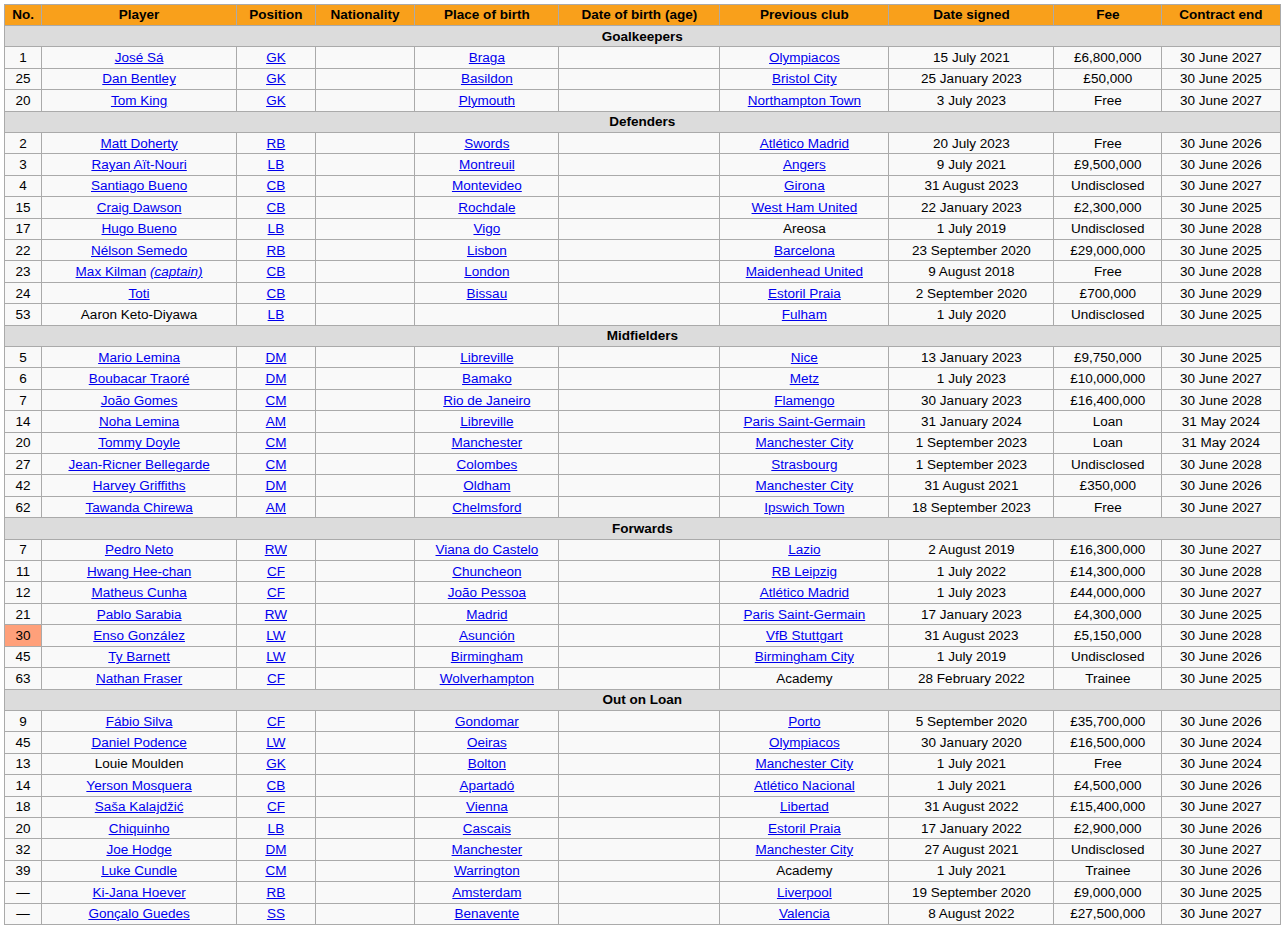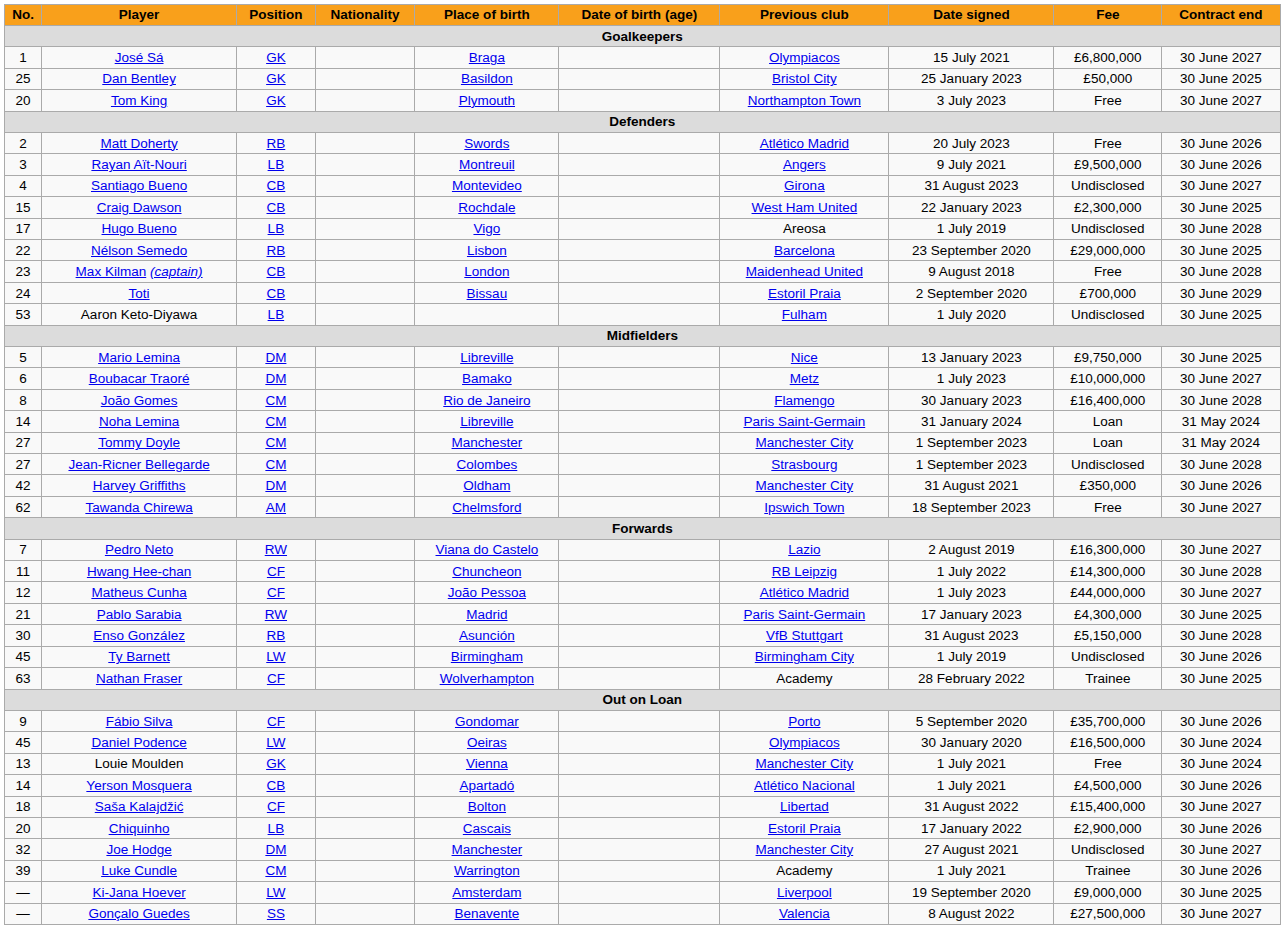 <table class="wikitable" style="text-align:center; font-size:84.5%; width:101%;">
 <tr>
 <th style="background:#F9A01B; color:#000000; ">No.</th>
 <th style="background:#F9A01B; color:#000000; ">Player</th>
 <th style="background:#F9A01B; color:#000000; ">Position</th>
 <th style="background:#F9A01B; color:#000000; ">Nationality</th>
 <th style="background:#F9A01B; color:#000000; ">Place of birth</th>
 <th style="background:#F9A01B; color:#000000; ">Date of birth (age)</th>
 <th style="background:#F9A01B; color:#000000; ">Previous club</th>
 <th style="background:#F9A01B; color:#000000; ">Date signed</th>
 <th style="background:#F9A01B; color:#000000; ">Fee</th>
 <th style="background:#F9A01B; color:#000000; ">Contract end</th>
 </tr>
 <tr>
 <th colspan="14" style="background:#dcdcdc; tepxt-align:center;">Goalkeepers</th>
 </tr>
 <tr>
 <td>1</td>
 <td><a href='#'>José Sá</a></td>
 <td><a href='#'>GK</a></td>
 <td></td>
 <td><a href='#'>Braga</a></td>
 <td></td>
 <td> <a href='#'>Olympiacos</a></td>
 <td>15 July 2021</td>
 <td>£6,800,000</td>
 <td>30 June 2027</td>
 </tr>
 <tr>
 <td>25</td>
 <td><a href='#'>Dan Bentley</a></td>
 <td><a href='#'>GK</a></td>
 <td></td>
 <td><a href='#'>Basildon</a></td>
 <td></td>
 <td><a href='#'>Bristol City</a></td>
 <td>25 January 2023</td>
 <td>£50,000</td>
 <td>30 June 2025</td>
 </tr>
 <tr>
 <td>20</td>
 <td><a href='#'>Tom King</a></td>
 <td><a href='#'>GK</a></td>
 <td></td>
 <td> <a href='#'>Plymouth</a></td>
 <td></td>
 <td><a href='#'>Northampton Town</a></td>
 <td>3 July 2023</td>
 <td>Free</td>
 <td>30 June 2027</td>
 </tr>
 <tr>
 <th colspan="14" style="background:#dcdcdc; tepxt-align:center;">Defenders</th>
 </tr>
 <tr>
 <td>2</td>
 <td><a href='#'>Matt Doherty</a></td>
 <td><a href='#'>RB</a></td>
 <td></td>
 <td><a href='#'>Swords</a></td>
 <td></td>
 <td> <a href='#'>Atlético Madrid</a></td>
 <td>20 July 2023</td>
 <td>Free</td>
 <td>30 June 2026</td>
 </tr>
 <tr>
 <td>3</td>
 <td><a href='#'>Rayan Aït-Nouri</a></td>
 <td><a href='#'>LB</a></td>
 <td></td>
 <td> <a href='#'>Montreuil</a></td>
 <td></td>
 <td> <a href='#'>Angers</a></td>
 <td>9 July 2021</td>
 <td>£9,500,000</td>
 <td>30 June 2026</td>
 </tr>
 <tr>
 <td>4</td>
 <td><a href='#'>Santiago Bueno</a></td>
 <td><a href='#'>CB</a></td>
 <td></td>
 <td><a href='#'>Montevideo</a></td>
 <td></td>
 <td> <a href='#'>Girona</a></td>
 <td>31 August 2023</td>
 <td>Undisclosed</td>
 <td>30 June 2027</td>
 </tr>
 <tr>
 <td>15</td>
 <td><a href='#'>Craig Dawson</a></td>
 <td><a href='#'>CB</a></td>
 <td></td>
 <td><a href='#'>Rochdale</a></td>
 <td></td>
 <td><a href='#'>West Ham United</a></td>
 <td>22 January 2023</td>
 <td>£2,300,000</td>
 <td>30 June 2025</td>
 </tr>
 <tr>
 <td>17</td>
 <td><a href='#'>Hugo Bueno</a></td>
 <td><a href='#'>LB</a></td>
 <td></td>
 <td><a href='#'>Vigo</a></td>
 <td></td>
 <td> Areosa</td>
 <td>1 July 2019</td>
 <td>Undisclosed</td>
 <td>30 June 2028</td>
 </tr>
 <tr>
 <td>22</td>
 <td><a href='#'>Nélson Semedo</a></td>
 <td><a href='#'>RB</a></td>
 <td></td>
 <td><a href='#'>Lisbon</a></td>
 <td></td>
 <td> <a href='#'>Barcelona</a></td>
 <td>23 September 2020</td>
 <td>£29,000,000</td>
 <td>30 June 2025</td>
 </tr>
 <tr>
 <td>23</td>
 <td><a href='#'>Max Kilman</a> <a href='#'><em>(captain)</em></a></td>
 <td><a href='#'>CB</a></td>
 <td></td>
 <td><a href='#'>London</a></td>
 <td></td>
 <td><a href='#'>Maidenhead United</a></td>
 <td>9 August 2018</td>
 <td>Free</td>
 <td>30 June 2028</td>
 </tr>
 <tr>
 <td>24</td>
 <td><a href='#'>Toti</a></td>
 <td><a href='#'>CB</a></td>
 <td></td>
 <td> <a href='#'>Bissau</a></td>
 <td></td>
 <td> <a href='#'>Estoril Praia</a></td>
 <td>2 September 2020</td>
 <td>£700,000</td>
 <td>30 June 2029</td>
 </tr>
 <tr>
 <td>53</td>
 <td>Aaron Keto-Diyawa</td>
 <td><a href='#'>LB</a></td>
 <td></td>
 <td></td>
 <td></td>
 <td><a href='#'>Fulham</a></td>
 <td>1 July 2020</td>
 <td>Undisclosed</td>
 <td>30 June 2025</td>
 </tr>
 <tr>
 <th colspan="14" style="background:#dcdcdc; tepxt-align:center;">Midfielders</th>
 </tr>
 <tr>
 <td>5</td>
 <td><a href='#'>Mario Lemina</a></td>
 <td><a href='#'>DM</a></td>
 <td></td>
 <td><a href='#'>Libreville</a></td>
 <td></td>
 <td> <a href='#'>Nice</a></td>
 <td>13 January 2023</td>
 <td>£9,750,000</td>
 <td>30 June 2025</td>
 </tr>
 <tr>
 <td>6</td>
 <td><a href='#'>Boubacar Traoré</a></td>
 <td><a href='#'>DM</a></td>
 <td></td>
 <td><a href='#'>Bamako</a></td>
 <td></td>
 <td> <a href='#'>Metz</a></td>
 <td>1 July 2023</td>
 <td>£10,000,000</td>
 <td>30 June 2027</td>
 </tr>
 <tr>
-<td>7</td>
+<td>8</td>
 <td><a href='#'>João Gomes</a></td>
 <td><a href='#'>CM</a></td>
 <td></td>
 <td><a href='#'>Rio de Janeiro</a></td>
 <td></td>
 <td> <a href='#'>Flamengo</a></td>
 <td>30 January 2023</td>
 <td>£16,400,000</td>
 <td>30 June 2028</td>
 </tr>
 <tr>
 <td>14</td>
 <td><a href='#'>Noha Lemina</a></td>
-<td><a href='#'>AM</a></td>
+<td><a href='#'>CM</a></td>
 <td></td>
 <td> <a href='#'>Libreville</a></td>
 <td></td>
 <td> <a href='#'>Paris Saint-Germain</a></td>
 <td>31 January 2024</td>
 <td>Loan</td>
 <td>31 May 2024</td>
 </tr>
 <tr>
-<td>20</td>
+<td>27</td>
 <td><a href='#'>Tommy Doyle</a></td>
 <td><a href='#'>CM</a></td>
 <td></td>
 <td><a href='#'>Manchester</a></td>
 <td></td>
 <td><a href='#'>Manchester City</a></td>
 <td>1 September 2023</td>
 <td>Loan</td>
 <td>31 May 2024</td>
 </tr>
 <tr>
 <td>27</td>
 <td><a href='#'>Jean-Ricner Bellegarde</a></td>
 <td><a href='#'>CM</a></td>
 <td></td>
 <td><a href='#'>Colombes</a></td>
 <td></td>
 <td> <a href='#'>Strasbourg</a></td>
 <td>1 September 2023</td>
 <td>Undisclosed</td>
 <td>30 June 2028</td>
 </tr>
 <tr>
 <td>42</td>
 <td><a href='#'>Harvey Griffiths</a></td>
 <td><a href='#'>DM</a></td>
 <td></td>
 <td><a href='#'>Oldham</a></td>
 <td></td>
 <td><a href='#'>Manchester City</a></td>
 <td>31 August 2021</td>
 <td>£350,000</td>
 <td>30 June 2026</td>
 </tr>
 <tr>
 <td>62</td>
 <td><a href='#'>Tawanda Chirewa</a></td>
 <td><a href='#'>AM</a></td>
 <td></td>
 <td><a href='#'>Chelmsford</a></td>
 <td></td>
 <td><a href='#'>Ipswich Town</a></td>
 <td>18 September 2023</td>
 <td>Free</td>
 <td>30 June 2027</td>
 </tr>
 <tr>
 <th colspan="14" style="background:#dcdcdc; tepxt-align:center;">Forwards</th>
 </tr>
 <tr>
 <td>7</td>
 <td><a href='#'>Pedro Neto</a></td>
 <td><a href='#'>RW</a></td>
 <td></td>
 <td><a href='#'>Viana do Castelo</a></td>
 <td></td>
 <td> <a href='#'>Lazio</a></td>
 <td>2 August 2019</td>
 <td>£16,300,000</td>
 <td>30 June 2027</td>
 </tr>
 <tr>
 <td>11</td>
 <td><a href='#'>Hwang Hee-chan</a></td>
 <td><a href='#'>CF</a></td>
 <td></td>
 <td><a href='#'>Chuncheon</a></td>
 <td></td>
 <td> <a href='#'>RB Leipzig</a></td>
 <td>1 July 2022</td>
 <td>£14,300,000</td>
 <td>30 June 2028</td>
 </tr>
 <tr>
 <td>12</td>
 <td><a href='#'>Matheus Cunha</a></td>
 <td><a href='#'>CF</a></td>
 <td></td>
 <td><a href='#'>João Pessoa</a></td>
 <td></td>
 <td> <a href='#'>Atlético Madrid</a></td>
 <td>1 July 2023</td>
 <td>£44,000,000</td>
 <td>30 June 2027</td>
 </tr>
 <tr>
 <td>21</td>
 <td><a href='#'>Pablo Sarabia</a></td>
 <td><a href='#'>RW</a></td>
 <td></td>
 <td><a href='#'>Madrid</a></td>
 <td></td>
 <td> <a href='#'>Paris Saint-Germain</a></td>
 <td>17 January 2023</td>
 <td>£4,300,000</td>
 <td>30 June 2025</td>
 </tr>
 <tr>
-<td style="background: lightsalmon;">30</td>
+<td>30</td>
 <td><a href='#'>Enso González</a></td>
-<td><a href='#'>LW</a></td>
+<td><a href='#'>RB</a></td>
 <td></td>
 <td><a href='#'>Asunción</a></td>
 <td></td>
 <td> <a href='#'>VfB Stuttgart</a></td>
 <td>31 August 2023</td>
 <td>£5,150,000</td>
 <td>30 June 2028</td>
 </tr>
 <tr>
 <td>45</td>
 <td><a href='#'>Ty Barnett</a></td>
 <td><a href='#'>LW</a></td>
 <td></td>
 <td><a href='#'>Birmingham</a></td>
 <td></td>
 <td><a href='#'>Birmingham City</a></td>
 <td>1 July 2019</td>
 <td>Undisclosed</td>
 <td>30 June 2026</td>
 </tr>
 <tr>
 <td>63</td>
 <td><a href='#'>Nathan Fraser</a></td>
 <td><a href='#'>CF</a></td>
 <td></td>
 <td> <a href='#'>Wolverhampton</a></td>
 <td></td>
 <td>Academy</td>
 <td>28 February 2022</td>
 <td>Trainee</td>
 <td>30 June 2025</td>
 </tr>
 <tr>
 <th colspan="14" style="background:#dcdcdc; tepxt-align:center;">Out on Loan</th>
 </tr>
 <tr>
 <td>9</td>
 <td><a href='#'>Fábio Silva</a></td>
 <td><a href='#'>CF</a></td>
 <td></td>
 <td><a href='#'>Gondomar</a></td>
 <td></td>
 <td> <a href='#'>Porto</a></td>
 <td>5 September 2020</td>
 <td>£35,700,000</td>
 <td>30 June 2026</td>
 </tr>
 <tr>
 <td>45</td>
 <td><a href='#'>Daniel Podence</a></td>
 <td><a href='#'>LW</a></td>
 <td></td>
 <td><a href='#'>Oeiras</a></td>
 <td></td>
 <td> <a href='#'>Olympiacos</a></td>
 <td>30 January 2020</td>
 <td>£16,500,000</td>
 <td>30 June 2024</td>
 </tr>
 <tr>
 <td>13</td>
 <td>Louie Moulden</td>
 <td><a href='#'>GK</a></td>
 <td></td>
-<td><a href='#'>Bolton</a></td>
+<td><a href='#'>Vienna</a></td>
 <td></td>
 <td><a href='#'>Manchester City</a></td>
 <td>1 July 2021</td>
 <td>Free</td>
 <td>30 June 2024</td>
 </tr>
 <tr>
 <td>14</td>
 <td><a href='#'>Yerson Mosquera</a></td>
 <td><a href='#'>CB</a></td>
 <td></td>
 <td><a href='#'>Apartadó</a></td>
 <td></td>
 <td> <a href='#'>Atlético Nacional</a></td>
 <td>1 July 2021</td>
 <td>£4,500,000</td>
 <td>30 June 2026</td>
 </tr>
 <tr>
 <td>18</td>
 <td><a href='#'>Saša Kalajdžić</a></td>
 <td><a href='#'>CF</a></td>
 <td></td>
-<td><a href='#'>Vienna</a></td>
+<td><a href='#'>Bolton</a></td>
 <td></td>
 <td> <a href='#'>Libertad</a></td>
 <td>31 August 2022</td>
 <td>£15,400,000</td>
 <td>30 June 2027</td>
 </tr>
 <tr>
 <td>20</td>
 <td><a href='#'>Chiquinho</a></td>
 <td><a href='#'>LB</a></td>
 <td></td>
 <td><a href='#'>Cascais</a></td>
 <td></td>
 <td> <a href='#'>Estoril Praia</a></td>
 <td>17 January 2022</td>
 <td>£2,900,000</td>
 <td>30 June 2026</td>
 </tr>
 <tr>
 <td>32</td>
 <td><a href='#'>Joe Hodge</a></td>
 <td><a href='#'>DM</a></td>
 <td></td>
 <td> <a href='#'>Manchester</a></td>
 <td></td>
 <td><a href='#'>Manchester City</a></td>
 <td>27 August 2021</td>
 <td>Undisclosed</td>
 <td>30 June 2027</td>
 </tr>
 <tr>
 <td>39</td>
 <td><a href='#'>Luke Cundle</a></td>
 <td><a href='#'>CM</a></td>
 <td></td>
 <td><a href='#'>Warrington</a></td>
 <td></td>
 <td>Academy</td>
 <td>1 July 2021</td>
 <td>Trainee</td>
 <td>30 June 2026</td>
 </tr>
 <tr>
 <td>—</td>
 <td><a href='#'>Ki-Jana Hoever</a></td>
-<td><a href='#'>RB</a></td>
+<td><a href='#'>LW</a></td>
 <td></td>
 <td><a href='#'>Amsterdam</a></td>
 <td></td>
 <td><a href='#'>Liverpool</a></td>
 <td>19 September 2020</td>
 <td>£9,000,000</td>
 <td>30 June 2025</td>
 </tr>
 <tr>
 <td>—</td>
 <td><a href='#'>Gonçalo Guedes</a></td>
 <td><a href='#'>SS</a></td>
 <td></td>
 <td><a href='#'>Benavente</a></td>
 <td></td>
 <td> <a href='#'>Valencia</a></td>
 <td>8 August 2022</td>
 <td>£27,500,000</td>
 <td>30 June 2027</td>
 </tr>
 <tr>
 </tr>
 </table>
